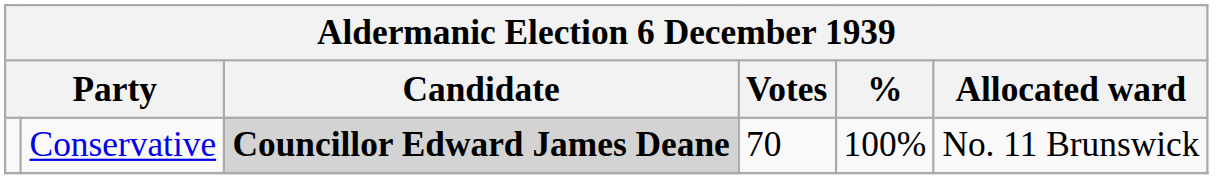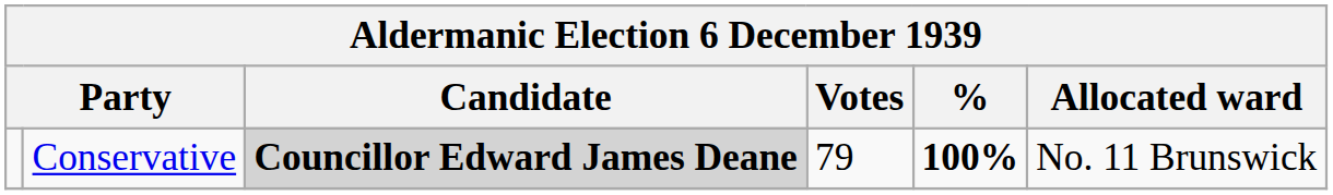 <table class="wikitable">
 <tr>
 <th colspan="6"><strong>Aldermanic Election 6 December 1939</strong></th>
 </tr>
 <tr>
 <th colspan="2">Party</th>
 <th>Candidate</th>
 <th>Votes</th>
 <th>%</th>
 <th>Allocated ward</th>
 </tr>
 <tr>
 <td style="background-color:"></td>
 <td><a href='#'>Conservative</a></td>
 <td style="background: lightgrey;"><strong>Councillor Edward James Deane</strong></td>
-<td>70</td>
-<td>100%</td>
+<td>79</td>
+<td><strong>100%</strong></td>
 <td>No. 11 Brunswick</td>
 </tr>
 <tr>
 </tr>
 </table>
